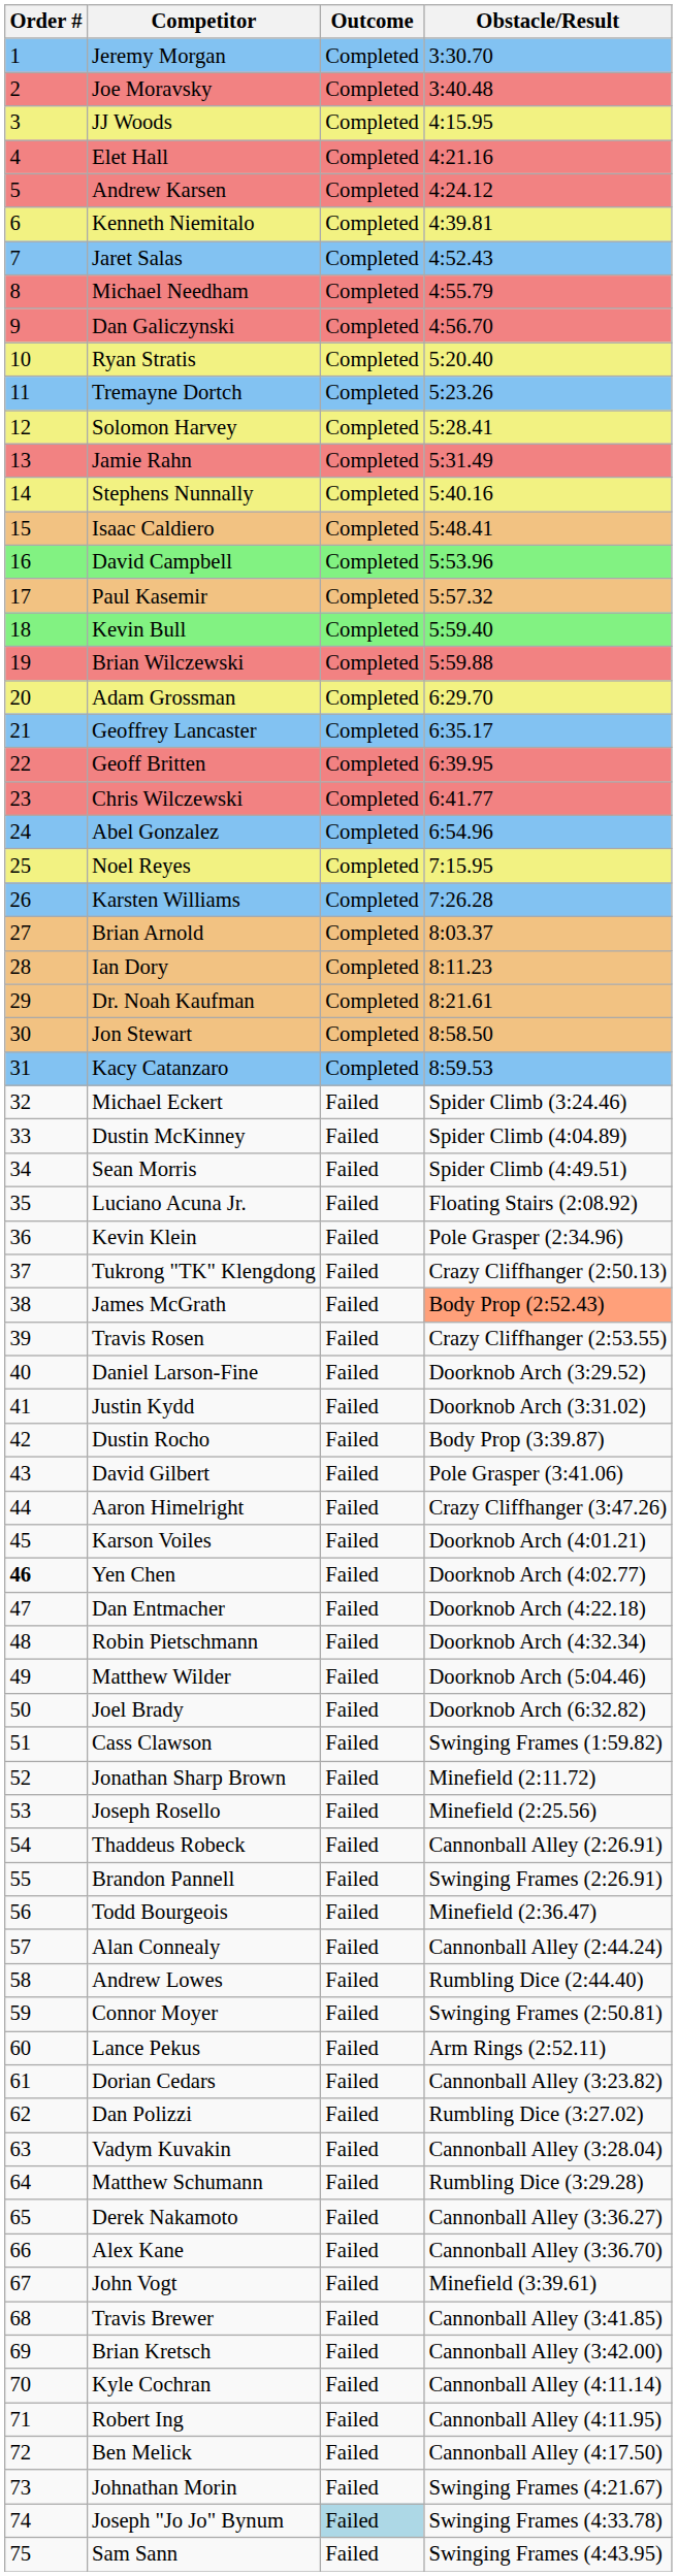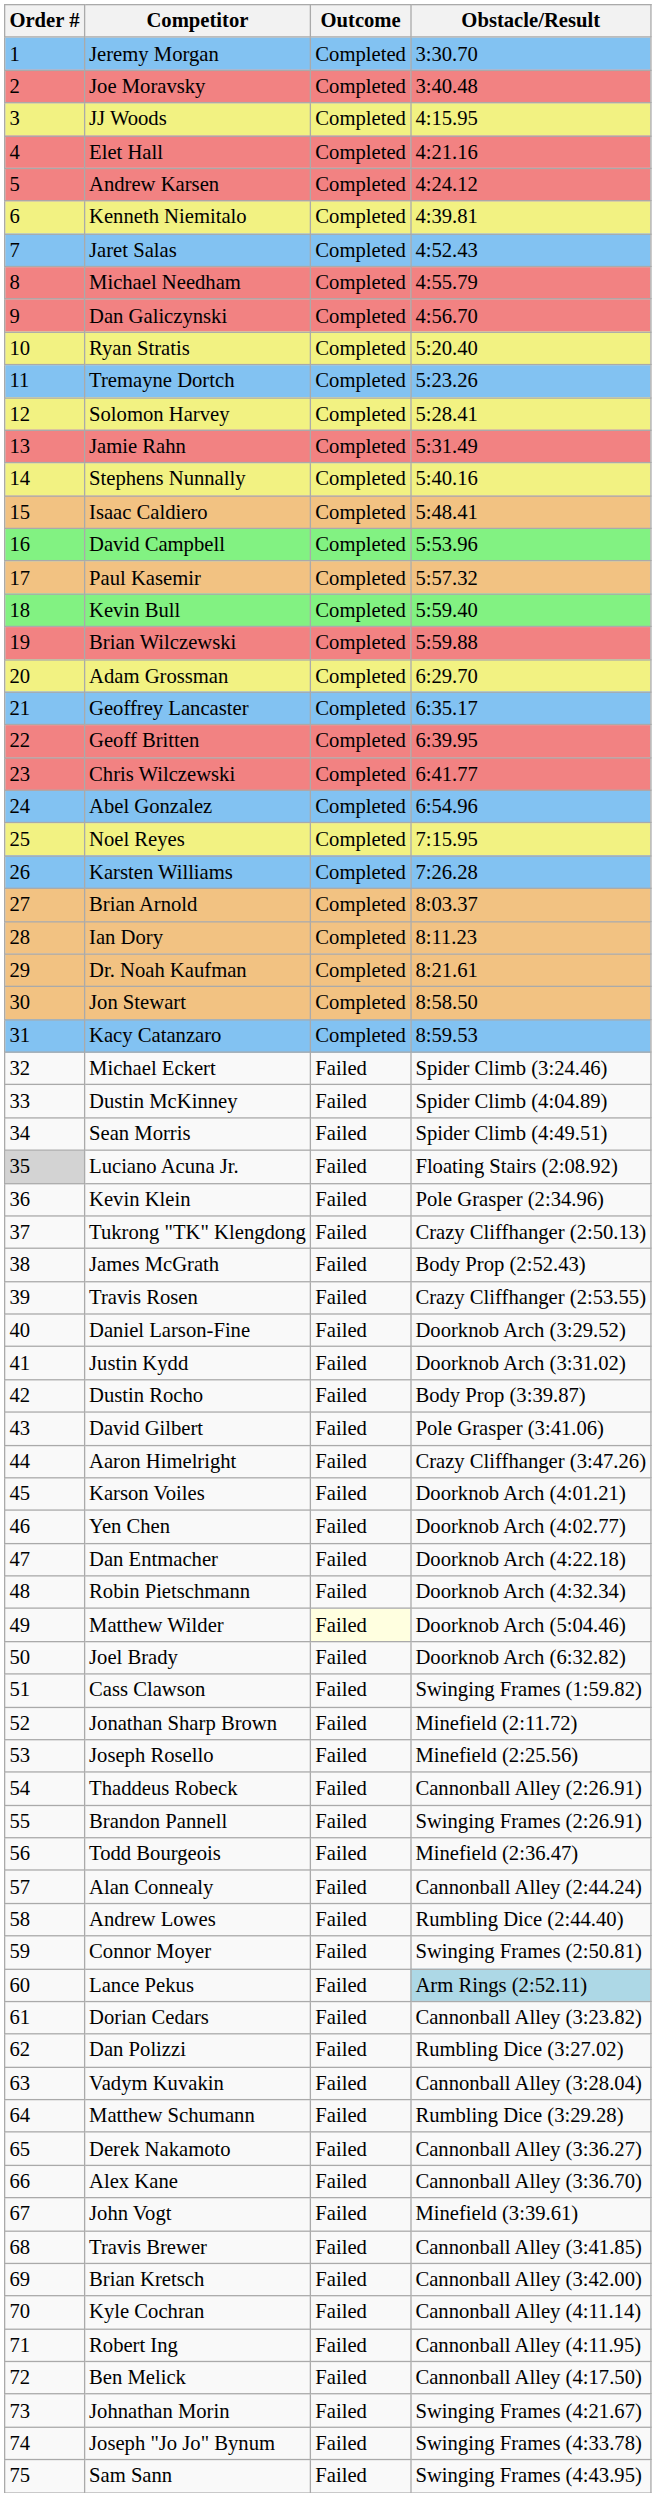 <table class="wikitable sortable">
 <tr>
 <th>Order #</th>
 <th>Competitor</th>
 <th>Outcome</th>
 <th>Obstacle/Result</th>
 </tr>
 <tr style="background-color:#82c2f2">
 <td>1</td>
 <td>Jeremy Morgan</td>
 <td>Completed</td>
 <td>3:30.70</td>
 </tr>
 <tr style="background-color:#f28282">
 <td>2</td>
 <td>Joe Moravsky</td>
 <td>Completed</td>
 <td>3:40.48</td>
 </tr>
 <tr style="background-color:#f2f282">
 <td>3</td>
 <td>JJ Woods</td>
 <td>Completed</td>
 <td>4:15.95</td>
 </tr>
 <tr style="background-color:#f28282">
 <td>4</td>
 <td>Elet Hall</td>
 <td>Completed</td>
 <td>4:21.16</td>
 </tr>
 <tr style="background-color:#f28282">
 <td>5</td>
 <td>Andrew Karsen</td>
 <td>Completed</td>
 <td>4:24.12</td>
 </tr>
 <tr style="background-color:#f2f282">
 <td>6</td>
 <td>Kenneth Niemitalo</td>
 <td>Completed</td>
 <td>4:39.81</td>
 </tr>
 <tr style="background-color:#82c2f2">
 <td>7</td>
 <td>Jaret Salas</td>
 <td>Completed</td>
 <td>4:52.43</td>
 </tr>
 <tr style="background-color:#f28282">
 <td>8</td>
 <td>Michael Needham</td>
 <td>Completed</td>
 <td>4:55.79</td>
 </tr>
 <tr style="background-color:#f28282">
 <td>9</td>
 <td>Dan Galiczynski</td>
 <td>Completed</td>
 <td>4:56.70</td>
 </tr>
 <tr style="background-color:#f2f282">
 <td>10</td>
 <td>Ryan Stratis</td>
 <td>Completed</td>
 <td>5:20.40</td>
 </tr>
 <tr style="background-color:#82c2f2">
 <td>11</td>
 <td>Tremayne Dortch</td>
 <td>Completed</td>
 <td>5:23.26</td>
 </tr>
 <tr style="background-color:#f2f282">
 <td>12</td>
 <td>Solomon Harvey</td>
 <td>Completed</td>
 <td>5:28.41</td>
 </tr>
 <tr style="background-color:#f28282">
 <td>13</td>
 <td>Jamie Rahn</td>
 <td>Completed</td>
 <td>5:31.49</td>
 </tr>
 <tr style="background-color:#f2f282">
 <td>14</td>
 <td>Stephens Nunnally</td>
 <td>Completed</td>
 <td>5:40.16</td>
 </tr>
 <tr style="background-color:#f2c282">
 <td>15</td>
 <td>Isaac Caldiero</td>
 <td>Completed</td>
 <td>5:48.41</td>
 </tr>
 <tr style="background-color:#82f282">
 <td>16</td>
 <td>David Campbell</td>
 <td>Completed</td>
 <td>5:53.96</td>
 </tr>
 <tr style="background-color:#f2c282">
 <td>17</td>
 <td>Paul Kasemir</td>
 <td>Completed</td>
 <td>5:57.32</td>
 </tr>
 <tr style="background-color:#82f282">
 <td>18</td>
 <td>Kevin Bull</td>
 <td>Completed</td>
 <td>5:59.40</td>
 </tr>
 <tr style="background-color:#f28282">
 <td>19</td>
 <td>Brian Wilczewski</td>
 <td>Completed</td>
 <td>5:59.88</td>
 </tr>
 <tr style="background-color:#f2f282">
 <td>20</td>
 <td>Adam Grossman</td>
 <td>Completed</td>
 <td>6:29.70</td>
 </tr>
 <tr style="background-color:#82c2f2">
 <td>21</td>
 <td>Geoffrey Lancaster</td>
 <td>Completed</td>
 <td>6:35.17</td>
 </tr>
 <tr style="background-color:#f28282">
 <td>22</td>
 <td>Geoff Britten</td>
 <td>Completed</td>
 <td>6:39.95</td>
 </tr>
 <tr style="background-color:#f28282">
 <td>23</td>
 <td>Chris Wilczewski</td>
 <td>Completed</td>
 <td>6:41.77</td>
 </tr>
 <tr style="background-color:#82c2f2">
 <td>24</td>
 <td>Abel Gonzalez</td>
 <td>Completed</td>
 <td>6:54.96</td>
 </tr>
 <tr style="background-color:#f2f282">
 <td>25</td>
 <td>Noel Reyes</td>
 <td>Completed</td>
 <td>7:15.95</td>
 </tr>
 <tr style="background-color:#82c2f2">
 <td>26</td>
 <td>Karsten Williams</td>
 <td>Completed</td>
 <td>7:26.28</td>
 </tr>
 <tr style="background-color:#f2c282">
 <td>27</td>
 <td>Brian Arnold</td>
 <td>Completed</td>
 <td>8:03.37</td>
 </tr>
 <tr style="background-color:#f2c282">
 <td>28</td>
 <td>Ian Dory</td>
 <td>Completed</td>
 <td>8:11.23</td>
 </tr>
 <tr style="background-color:#f2c282">
 <td>29</td>
 <td>Dr. Noah Kaufman</td>
 <td>Completed</td>
 <td>8:21.61</td>
 </tr>
 <tr style="background-color:#f2c282">
 <td>30</td>
 <td>Jon Stewart</td>
 <td>Completed</td>
 <td>8:58.50</td>
 </tr>
 <tr style="background-color:#82c2f2">
 <td>31</td>
 <td>Kacy Catanzaro</td>
 <td>Completed</td>
 <td>8:59.53</td>
 </tr>
 <tr>
 <td>32</td>
 <td>Michael Eckert</td>
 <td>Failed</td>
 <td>Spider Climb (3:24.46)</td>
 </tr>
 <tr>
 <td>33</td>
 <td>Dustin McKinney</td>
 <td>Failed</td>
 <td>Spider Climb (4:04.89)</td>
 </tr>
 <tr>
 <td>34</td>
 <td>Sean Morris</td>
 <td>Failed</td>
 <td>Spider Climb (4:49.51)</td>
 </tr>
 <tr>
-<td>35</td>
+<td style="background: lightgrey;">35</td>
 <td>Luciano Acuna Jr.</td>
 <td>Failed</td>
 <td>Floating Stairs (2:08.92)</td>
 </tr>
 <tr>
 <td>36</td>
 <td>Kevin Klein</td>
 <td>Failed</td>
 <td>Pole Grasper (2:34.96)</td>
 </tr>
 <tr>
 <td>37</td>
 <td>Tukrong "TK" Klengdong</td>
 <td>Failed</td>
 <td>Crazy Cliffhanger (2:50.13)</td>
 </tr>
 <tr>
 <td>38</td>
 <td>James McGrath</td>
 <td>Failed</td>
-<td style="background: lightsalmon;">Body Prop (2:52.43)</td>
+<td>Body Prop (2:52.43)</td>
 </tr>
 <tr>
 <td>39</td>
 <td>Travis Rosen</td>
 <td>Failed</td>
 <td>Crazy Cliffhanger (2:53.55)</td>
 </tr>
 <tr>
 <td>40</td>
 <td>Daniel Larson-Fine</td>
 <td>Failed</td>
 <td>Doorknob Arch (3:29.52)</td>
 </tr>
 <tr>
 <td>41</td>
 <td>Justin Kydd</td>
 <td>Failed</td>
 <td>Doorknob Arch (3:31.02)</td>
 </tr>
 <tr>
 <td>42</td>
 <td>Dustin Rocho</td>
 <td>Failed</td>
 <td>Body Prop (3:39.87)</td>
 </tr>
 <tr>
 <td>43</td>
 <td>David Gilbert</td>
 <td>Failed</td>
 <td>Pole Grasper (3:41.06)</td>
 </tr>
 <tr>
 <td>44</td>
 <td>Aaron Himelright</td>
 <td>Failed</td>
 <td>Crazy Cliffhanger (3:47.26)</td>
 </tr>
 <tr>
 <td>45</td>
 <td>Karson Voiles</td>
 <td>Failed</td>
 <td>Doorknob Arch (4:01.21)</td>
 </tr>
 <tr>
-<td><strong>46</strong></td>
+<td>46</td>
 <td>Yen Chen</td>
 <td>Failed</td>
 <td>Doorknob Arch (4:02.77)</td>
 </tr>
 <tr>
 <td>47</td>
 <td>Dan Entmacher</td>
 <td>Failed</td>
 <td>Doorknob Arch (4:22.18)</td>
 </tr>
 <tr>
 <td>48</td>
 <td>Robin Pietschmann</td>
 <td>Failed</td>
 <td>Doorknob Arch (4:32.34)</td>
 </tr>
 <tr>
 <td>49</td>
 <td>Matthew Wilder</td>
-<td>Failed</td>
+<td style="background: lightyellow;">Failed</td>
 <td>Doorknob Arch (5:04.46)</td>
 </tr>
 <tr>
 <td>50</td>
 <td>Joel Brady</td>
 <td>Failed</td>
 <td>Doorknob Arch (6:32.82)</td>
 </tr>
 <tr>
 <td>51</td>
 <td>Cass Clawson</td>
 <td>Failed</td>
 <td>Swinging Frames (1:59.82)</td>
 </tr>
 <tr>
 <td>52</td>
 <td>Jonathan Sharp Brown</td>
 <td>Failed</td>
 <td>Minefield (2:11.72)</td>
 </tr>
 <tr>
 <td>53</td>
 <td>Joseph Rosello</td>
 <td>Failed</td>
 <td>Minefield (2:25.56)</td>
 </tr>
 <tr>
 <td>54</td>
 <td>Thaddeus Robeck</td>
 <td>Failed</td>
 <td>Cannonball Alley (2:26.91)</td>
 </tr>
 <tr>
 <td>55</td>
 <td>Brandon Pannell</td>
 <td>Failed</td>
 <td>Swinging Frames (2:26.91)</td>
 </tr>
 <tr>
 <td>56</td>
 <td>Todd Bourgeois</td>
 <td>Failed</td>
 <td>Minefield (2:36.47)</td>
 </tr>
 <tr>
 <td>57</td>
 <td>Alan Connealy</td>
 <td>Failed</td>
 <td>Cannonball Alley (2:44.24)</td>
 </tr>
 <tr>
 <td>58</td>
 <td>Andrew Lowes</td>
 <td>Failed</td>
 <td>Rumbling Dice (2:44.40)</td>
 </tr>
 <tr>
 <td>59</td>
 <td>Connor Moyer</td>
 <td>Failed</td>
 <td>Swinging Frames (2:50.81)</td>
 </tr>
 <tr>
 <td>60</td>
 <td>Lance Pekus</td>
 <td>Failed</td>
-<td>Arm Rings (2:52.11)</td>
+<td style="background: lightblue;">Arm Rings (2:52.11)</td>
 </tr>
 <tr>
 <td>61</td>
 <td>Dorian Cedars</td>
 <td>Failed</td>
 <td>Cannonball Alley (3:23.82)</td>
 </tr>
 <tr>
 <td>62</td>
 <td>Dan Polizzi</td>
 <td>Failed</td>
 <td>Rumbling Dice (3:27.02)</td>
 </tr>
 <tr>
 <td>63</td>
 <td>Vadym Kuvakin</td>
 <td>Failed</td>
 <td>Cannonball Alley (3:28.04)</td>
 </tr>
 <tr>
 <td>64</td>
 <td>Matthew Schumann</td>
 <td>Failed</td>
 <td>Rumbling Dice (3:29.28)</td>
 </tr>
 <tr>
 <td>65</td>
 <td>Derek Nakamoto</td>
 <td>Failed</td>
 <td>Cannonball Alley (3:36.27)</td>
 </tr>
 <tr>
 <td>66</td>
 <td>Alex Kane</td>
 <td>Failed</td>
 <td>Cannonball Alley (3:36.70)</td>
 </tr>
 <tr>
 <td>67</td>
 <td>John Vogt</td>
 <td>Failed</td>
 <td>Minefield (3:39.61)</td>
 </tr>
 <tr>
 <td>68</td>
 <td>Travis Brewer</td>
 <td>Failed</td>
 <td>Cannonball Alley (3:41.85)</td>
 </tr>
 <tr>
 <td>69</td>
 <td>Brian Kretsch</td>
 <td>Failed</td>
 <td>Cannonball Alley (3:42.00)</td>
 </tr>
 <tr>
 <td>70</td>
 <td>Kyle Cochran</td>
 <td>Failed</td>
 <td>Cannonball Alley (4:11.14)</td>
 </tr>
 <tr>
 <td>71</td>
 <td>Robert Ing</td>
 <td>Failed</td>
 <td>Cannonball Alley (4:11.95)</td>
 </tr>
 <tr>
 <td>72</td>
 <td>Ben Melick</td>
 <td>Failed</td>
 <td>Cannonball Alley (4:17.50)</td>
 </tr>
 <tr>
 <td>73</td>
 <td>Johnathan Morin</td>
 <td>Failed</td>
 <td>Swinging Frames (4:21.67)</td>
 </tr>
 <tr>
 <td>74</td>
 <td>Joseph "Jo Jo" Bynum</td>
-<td style="background: lightblue;">Failed</td>
+<td>Failed</td>
 <td>Swinging Frames (4:33.78)</td>
 </tr>
 <tr>
 <td>75</td>
 <td>Sam Sann</td>
 <td>Failed</td>
 <td>Swinging Frames (4:43.95)</td>
 </tr>
 </table>
